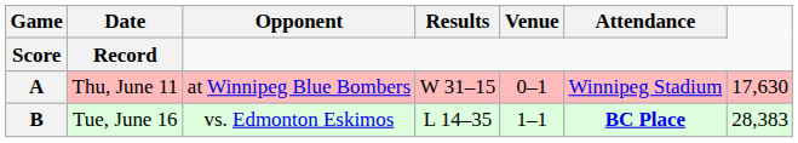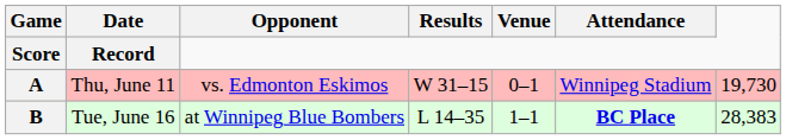 <table class="wikitable" style="text-align:center">
 <tr>
 <th>Game</th>
 <th>Date</th>
 <th>Opponent</th>
 <th>Results</th>
 <th>Venue</th>
 <th>Attendance</th>
 </tr>
 <tr>
 <th>Score</th>
 <th>Record</th>
 </tr>
 <tr style="background:#ffbbbb">
 <th>A</th>
 <td>Thu, June 11</td>
-<td>at <a href='#'>Winnipeg Blue Bombers</a></td>
+<td>vs. <a href='#'>Edmonton Eskimos</a></td>
 <td>W 31–15</td>
 <td>0–1</td>
 <td><a href='#'>Winnipeg Stadium</a></td>
-<td>17,630</td>
+<td>19,730</td>
 </tr>
 <tr style="background:#ddffdd">
 <th>B</th>
 <td>Tue, June 16</td>
-<td>vs. <a href='#'>Edmonton Eskimos</a></td>
+<td>at <a href='#'>Winnipeg Blue Bombers</a></td>
 <td>L 14–35</td>
 <td>1–1</td>
 <td><strong><a href='#'>BC Place</a></strong></td>
 <td>28,383</td>
 </tr>
 </table>
